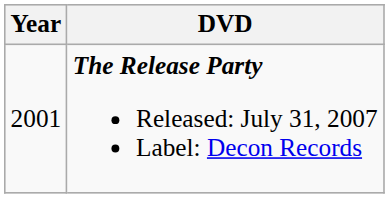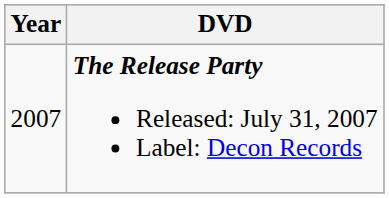 <table class="wikitable">
 <tr>
 <th>Year</th>
 <th>DVD</th>
 </tr>
 <tr>
-<td>2001</td>
+<td>2007</td>
 <td><strong><em>The Release Party</em></strong><br><ul><li>Released: July 31, 2007</li><li>Label: <a href='#'>Decon Records</a></li></ul></td>
 </tr>
 </table>
